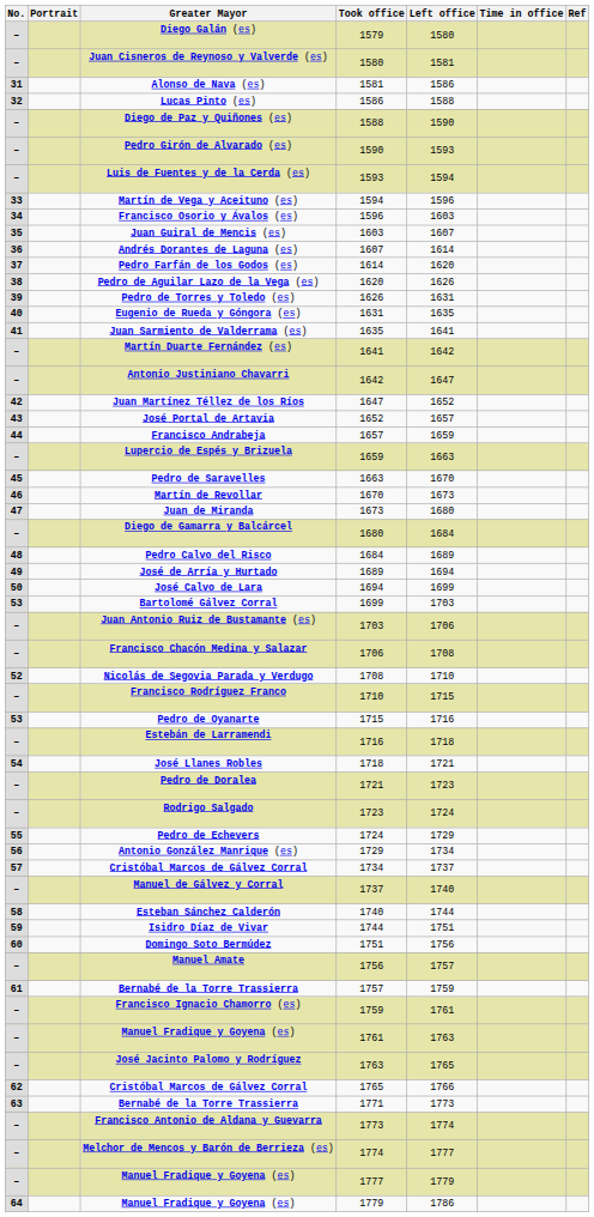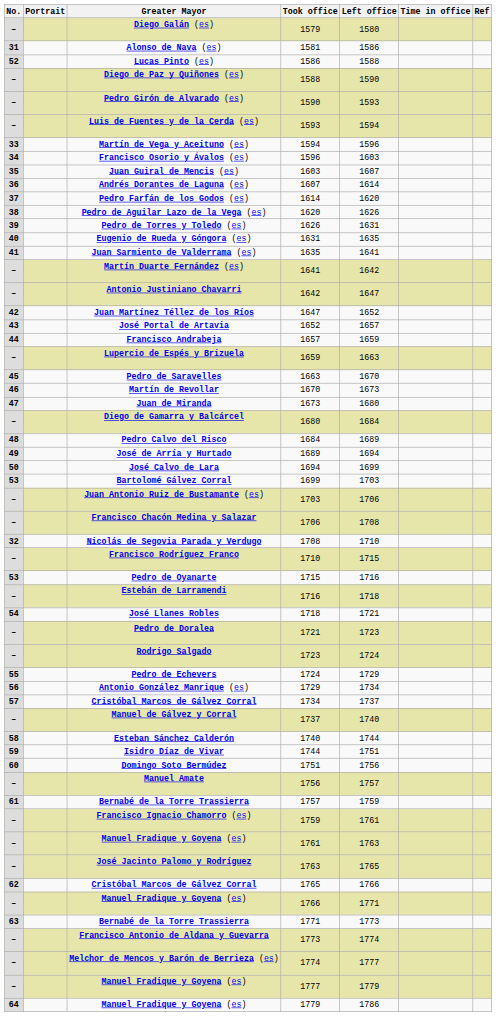 <table class="wikitable" style="text-align:center">
 <tr>
 <th>No.</th>
 <th>Portrait</th>
 <th>Greater Mayor</th>
 <th>Took office</th>
 <th>Left office</th>
 <th>Time in office</th>
 <th>Ref</th>
 </tr>
 <tr style="background:#E6E6AA">
 <th style="background:#DDDDDD; color:black">–</th>
 <td></td>
 <td><strong><a href='#'>Diego Galán</a></strong> (<a href='#'>es</a>)<br><br></td>
 <td>1579</td>
 <td>1580</td>
 <td> </td>
 <td></td>
 </tr>
-<tr style="background:#E6E6AA">
-<th style="background:#DDDDDD; color:black">–</th>
-<td></td>
-<td><strong><a href='#'>Juan Cisneros de Reynoso y Valverde</a></strong> (<a href='#'>es</a>)<br><br></td>
-<td>1580</td>
-<td>1581</td>
-<td> </td>
-<td></td>
-</tr>
 <tr>
 <th style="background:#DDDDDD; color:black">31</th>
 <td></td>
 <td><strong><a href='#'>Alonso de Nava</a></strong> (<a href='#'>es</a>)<br></td>
 <td>1581</td>
 <td>1586</td>
 <td> </td>
 <td></td>
 </tr>
 <tr>
-<th style="background:#DDDDDD; color:black">32</th>
+<th style="background:#DDDDDD; color:black">52</th>
 <td></td>
 <td><strong><a href='#'>Lucas Pinto</a></strong> (<a href='#'>es</a>)<br></td>
 <td>1586</td>
 <td>1588</td>
 <td> </td>
 <td></td>
 </tr>
 <tr style="background:#E6E6AA">
 <th style="background:#DDDDDD; color:black">–</th>
 <td></td>
 <td><strong><a href='#'>Diego de Paz y Quiñones</a></strong> (<a href='#'>es</a>)<br><br></td>
 <td>1588</td>
 <td>1590</td>
 <td> </td>
 <td></td>
 </tr>
 <tr style="background:#E6E6AA">
 <th style="background:#DDDDDD; color:black">–</th>
 <td></td>
 <td><strong><a href='#'>Pedro Girón de Alvarado</a></strong> (<a href='#'>es</a>)<br><br></td>
 <td>1590</td>
 <td>1593</td>
 <td> </td>
 <td></td>
 </tr>
 <tr style="background:#E6E6AA">
 <th style="background:#DDDDDD; color:black">–</th>
 <td></td>
 <td><strong><a href='#'>Luis de Fuentes y de la Cerda</a></strong> (<a href='#'>es</a>)<br><br></td>
 <td>1593</td>
 <td>1594</td>
 <td> </td>
 <td></td>
 </tr>
 <tr>
 <th style="background:#DDDDDD; color:black">33</th>
 <td></td>
 <td><strong><a href='#'>Martín de Vega y Aceituno</a></strong> (<a href='#'>es</a>)<br></td>
 <td>1594</td>
 <td>1596</td>
 <td> </td>
 <td></td>
 </tr>
 <tr>
 <th style="background:#DDDDDD; color:black">34</th>
 <td></td>
 <td><strong><a href='#'>Francisco Osorio y Ávalos</a></strong> (<a href='#'>es</a>)<br></td>
 <td>1596</td>
 <td>1603</td>
 <td> </td>
 <td></td>
 </tr>
 <tr>
 <th style="background:#DDDDDD; color:black">35</th>
 <td></td>
 <td><strong><a href='#'>Juan Guiral de Mencis</a></strong> (<a href='#'>es</a>)<br></td>
 <td>1603</td>
 <td>1607</td>
 <td> </td>
 <td></td>
 </tr>
 <tr>
 <th style="background:#DDDDDD; color:black">36</th>
 <td></td>
 <td><strong><a href='#'>Andrés Dorantes de Laguna</a></strong> (<a href='#'>es</a>)<br></td>
 <td>1607</td>
 <td>1614</td>
 <td> </td>
 <td></td>
 </tr>
 <tr>
 <th style="background:#DDDDDD; color:black">37</th>
 <td></td>
 <td><strong><a href='#'>Pedro Farfán de los Godos</a></strong> (<a href='#'>es</a>)<br></td>
 <td>1614</td>
 <td>1620</td>
 <td> </td>
 <td></td>
 </tr>
 <tr>
 <th style="background:#DDDDDD; color:black">38</th>
 <td></td>
 <td><strong><a href='#'>Pedro de Aguilar Lazo de la Vega</a></strong> (<a href='#'>es</a>)<br></td>
 <td>1620</td>
 <td>1626</td>
 <td> </td>
 <td></td>
 </tr>
 <tr>
 <th style="background:#DDDDDD; color:black">39</th>
 <td></td>
 <td><strong><a href='#'>Pedro de Torres y Toledo</a></strong> (<a href='#'>es</a>)<br></td>
 <td>1626</td>
 <td>1631</td>
 <td> </td>
 <td></td>
 </tr>
 <tr>
 <th style="background:#DDDDDD; color:black">40</th>
 <td></td>
 <td><strong><a href='#'>Eugenio de Rueda y Góngora</a></strong> (<a href='#'>es</a>)<br></td>
 <td>1631</td>
 <td>1635</td>
 <td> </td>
 <td></td>
 </tr>
 <tr>
 <th style="background:#DDDDDD; color:black">41</th>
 <td></td>
 <td><strong><a href='#'>Juan Sarmiento de Valderrama</a></strong> (<a href='#'>es</a>)<br></td>
 <td>1635</td>
 <td>1641</td>
 <td> </td>
 <td></td>
 </tr>
 <tr style="background:#E6E6AA">
 <th style="background:#DDDDDD; color:black">–</th>
 <td></td>
 <td><strong><a href='#'>Martín Duarte Fernández</a></strong> (<a href='#'>es</a>)<br><br></td>
 <td>1641</td>
 <td>1642</td>
 <td> </td>
 <td></td>
 </tr>
 <tr style="background:#E6E6AA">
 <th style="background:#DDDDDD; color:black">–</th>
 <td></td>
 <td><strong><a href='#'>Antonio Justiniano Chavarri</a></strong><br><br></td>
 <td>1642</td>
 <td>1647</td>
 <td> </td>
 <td></td>
 </tr>
 <tr>
 <th style="background:#DDDDDD; color:black">42</th>
 <td></td>
 <td><strong><a href='#'>Juan Martínez Téllez de los Ríos</a></strong><br></td>
 <td>1647</td>
 <td>1652</td>
 <td> </td>
 <td></td>
 </tr>
 <tr>
 <th style="background:#DDDDDD; color:black">43</th>
 <td></td>
 <td><strong><a href='#'>José Portal de Artavia</a></strong><br></td>
 <td>1652</td>
 <td>1657</td>
 <td> </td>
 <td></td>
 </tr>
 <tr>
 <th style="background:#DDDDDD; color:black">44</th>
 <td></td>
 <td><strong><a href='#'>Francisco Andrabeja</a></strong><br></td>
 <td>1657</td>
 <td>1659</td>
 <td> </td>
 <td></td>
 </tr>
 <tr style="background:#E6E6AA">
 <th style="background:#DDDDDD; color:black">–</th>
 <td></td>
 <td><strong><a href='#'>Lupercio de Espés y Brizuela</a></strong><br><br></td>
 <td>1659</td>
 <td>1663</td>
 <td> </td>
 <td></td>
 </tr>
 <tr>
 <th style="background:#DDDDDD; color:black">45</th>
 <td></td>
 <td><strong><a href='#'>Pedro de Saravelles</a></strong><br></td>
 <td>1663</td>
 <td>1670</td>
 <td> </td>
 <td></td>
 </tr>
 <tr>
 <th style="background:#DDDDDD; color:black">46</th>
 <td></td>
 <td><strong><a href='#'>Martín de Revollar</a></strong><br></td>
 <td>1670</td>
 <td>1673</td>
 <td> </td>
 <td></td>
 </tr>
 <tr>
 <th style="background:#DDDDDD; color:black">47</th>
 <td></td>
 <td><strong><a href='#'>Juan de Miranda</a></strong><br></td>
 <td>1673</td>
 <td>1680</td>
 <td> </td>
 <td></td>
 </tr>
 <tr style="background:#E6E6AA">
 <th style="background:#DDDDDD; color:black">–</th>
 <td></td>
 <td><strong><a href='#'>Diego de Gamarra y Balcárcel</a></strong><br><br></td>
 <td>1680</td>
 <td>1684</td>
 <td> </td>
 <td></td>
 </tr>
 <tr>
 <th style="background:#DDDDDD; color:black">48</th>
 <td></td>
 <td><strong><a href='#'>Pedro Calvo del Risco</a></strong><br></td>
 <td>1684</td>
 <td>1689</td>
 <td> </td>
 <td></td>
 </tr>
 <tr>
 <th style="background:#DDDDDD; color:black">49</th>
 <td></td>
 <td><strong><a href='#'>José de Arría y Hurtado</a></strong><br></td>
 <td>1689</td>
 <td>1694</td>
 <td> </td>
 <td></td>
 </tr>
 <tr>
 <th style="background:#DDDDDD; color:black">50</th>
 <td></td>
 <td><strong><a href='#'>José Calvo de Lara</a></strong><br></td>
 <td>1694</td>
 <td>1699</td>
 <td> </td>
 <td></td>
 </tr>
 <tr>
 <th style="background:#DDDDDD; color:black">53</th>
 <td></td>
 <td><strong><a href='#'>Bartolomé Gálvez Corral</a></strong><br></td>
 <td>1699</td>
 <td>1703</td>
 <td> </td>
 <td></td>
 </tr>
 <tr style="background:#E6E6AA">
 <th style="background:#DDDDDD; color:black">–</th>
 <td></td>
 <td><strong><a href='#'>Juan Antonio Ruiz de Bustamante</a></strong> (<a href='#'>es</a>)<br><br></td>
 <td>1703</td>
 <td>1706</td>
 <td> </td>
 <td></td>
 </tr>
 <tr style="background:#E6E6AA">
 <th style="background:#DDDDDD; color:black">–</th>
 <td></td>
 <td><strong><a href='#'>Francisco Chacón Medina y Salazar</a></strong><br><br></td>
 <td>1706</td>
 <td>1708</td>
 <td> </td>
 <td></td>
 </tr>
 <tr>
-<th style="background:#DDDDDD; color:black">52</th>
+<th style="background:#DDDDDD; color:black">32</th>
 <td></td>
 <td><strong><a href='#'>Nicolás de Segovia Parada y Verdugo</a></strong><br></td>
 <td>1708</td>
 <td>1710</td>
 <td> </td>
 <td></td>
 </tr>
 <tr style="background:#E6E6AA">
 <th style="background:#DDDDDD; color:black">–</th>
 <td></td>
 <td><strong><a href='#'>Francisco Rodríguez Franco</a></strong><br><br></td>
 <td>1710</td>
 <td>1715</td>
 <td> </td>
 <td></td>
 </tr>
 <tr>
 <th style="background:#DDDDDD; color:black">53</th>
 <td></td>
 <td><strong><a href='#'>Pedro de Oyanarte</a></strong><br></td>
 <td>1715</td>
 <td>1716</td>
 <td> </td>
 <td></td>
 </tr>
 <tr style="background:#E6E6AA">
 <th style="background:#DDDDDD; color:black">–</th>
 <td></td>
 <td><strong><a href='#'>Estebán de Larramendi</a></strong><br><br></td>
 <td>1716</td>
 <td>1718</td>
 <td> </td>
 <td></td>
 </tr>
 <tr>
 <th style="background:#DDDDDD; color:black">54</th>
 <td></td>
 <td><strong><a href='#'>José Llanes Robles</a></strong><br></td>
 <td>1718</td>
 <td>1721</td>
 <td> </td>
 <td></td>
 </tr>
 <tr style="background:#E6E6AA">
 <th style="background:#DDDDDD; color:black">–</th>
 <td></td>
 <td><strong><a href='#'>Pedro de Doralea</a></strong><br><br></td>
 <td>1721</td>
 <td>1723</td>
 <td> </td>
 <td></td>
 </tr>
 <tr style="background:#E6E6AA">
 <th style="background:#DDDDDD; color:black">–</th>
 <td></td>
 <td><strong><a href='#'>Rodrigo Salgado</a></strong><br><br></td>
 <td>1723</td>
 <td>1724</td>
 <td> </td>
 <td></td>
 </tr>
 <tr>
 <th style="background:#DDDDDD; color:black">55</th>
 <td></td>
 <td><strong><a href='#'>Pedro de Echevers</a></strong><br></td>
 <td>1724</td>
 <td>1729</td>
 <td> </td>
 <td></td>
 </tr>
 <tr>
 <th style="background:#DDDDDD; color:black">56</th>
 <td></td>
 <td><strong><a href='#'>Antonio González Manrique</a></strong> (<a href='#'>es</a>)<br></td>
 <td>1729</td>
 <td>1734</td>
 <td> </td>
 <td></td>
 </tr>
 <tr>
 <th style="background:#DDDDDD; color:black">57</th>
 <td></td>
 <td><strong><a href='#'>Cristóbal Marcos de Gálvez Corral</a></strong><br></td>
 <td>1734</td>
 <td>1737</td>
 <td> </td>
 <td></td>
 </tr>
 <tr style="background:#E6E6AA">
 <th style="background:#DDDDDD; color:black">–</th>
 <td></td>
 <td><strong><a href='#'>Manuel de Gálvez y Corral</a></strong><br><br></td>
 <td>1737</td>
 <td>1740</td>
 <td> </td>
 <td></td>
 </tr>
 <tr>
 <th style="background:#DDDDDD; color:black">58</th>
 <td></td>
 <td><strong><a href='#'>Esteban Sánchez Calderón</a></strong><br></td>
 <td>1740</td>
 <td>1744</td>
 <td> </td>
 <td></td>
 </tr>
 <tr>
 <th style="background:#DDDDDD; color:black">59</th>
 <td></td>
 <td><strong><a href='#'>Isidro Díaz de Vivar</a></strong><br></td>
 <td>1744</td>
 <td>1751</td>
 <td> </td>
 <td></td>
 </tr>
 <tr>
 <th style="background:#DDDDDD; color:black">60</th>
 <td></td>
 <td><strong><a href='#'>Domingo Soto Bermúdez</a></strong><br></td>
 <td>1751</td>
 <td>1756</td>
 <td> </td>
 <td></td>
 </tr>
 <tr style="background:#E6E6AA">
 <th style="background:#DDDDDD; color:black">–</th>
 <td></td>
 <td><strong><a href='#'>Manuel Amate</a></strong><br><br></td>
 <td>1756</td>
 <td>1757</td>
 <td> </td>
 <td></td>
 </tr>
 <tr>
 <th style="background:#DDDDDD; color:black">61</th>
 <td></td>
 <td><strong><a href='#'>Bernabé de la Torre Trassierra</a></strong><br></td>
 <td>1757</td>
 <td>1759</td>
 <td> </td>
 <td></td>
 </tr>
 <tr style="background:#E6E6AA">
 <th style="background:#DDDDDD; color:black">–</th>
 <td></td>
 <td><strong><a href='#'>Francisco Ignacio Chamorro</a></strong> (<a href='#'>es</a>)<br><br></td>
 <td>1759</td>
 <td>1761</td>
 <td> </td>
 <td></td>
 </tr>
 <tr style="background:#E6E6AA">
 <th style="background:#DDDDDD; color:black">–</th>
 <td></td>
 <td><strong><a href='#'>Manuel Fradique y Goyena</a></strong> (<a href='#'>es</a>)<br><br></td>
 <td>1761</td>
 <td>1763</td>
 <td> </td>
 <td></td>
 </tr>
 <tr style="background:#E6E6AA">
 <th style="background:#DDDDDD; color:black">–</th>
 <td></td>
 <td><strong><a href='#'>José Jacinto Palomo y Rodríguez</a></strong><br><br></td>
 <td>1763</td>
 <td>1765</td>
 <td> </td>
 <td></td>
 </tr>
 <tr>
 <th style="background:#DDDDDD; color:black">62</th>
 <td></td>
 <td><strong><a href='#'>Cristóbal Marcos de Gálvez Corral</a></strong><br></td>
 <td>1765</td>
 <td>1766</td>
 <td> </td>
 <td></td>
 </tr>
+<tr style="background:#E6E6AA">
+<th style="background:#DDDDDD; color:black">–</th>
+<td></td>
+<td><strong><a href='#'>Manuel Fradique y Goyena</a></strong> (<a href='#'>es</a>)<br><br></td>
+<td>1766</td>
+<td>1771</td>
+<td> </td>
+<td></td>
+</tr>
 <tr>
 <th style="background:#DDDDDD; color:black">63</th>
 <td></td>
 <td><strong><a href='#'>Bernabé de la Torre Trassierra</a></strong><br></td>
 <td>1771</td>
 <td>1773</td>
 <td> </td>
 <td></td>
 </tr>
 <tr style="background:#E6E6AA">
 <th style="background:#DDDDDD; color:black">–</th>
 <td></td>
 <td><strong><a href='#'>Francisco Antonio de Aldana y Guevarra</a></strong><br><br></td>
 <td>1773</td>
 <td>1774</td>
 <td> </td>
 <td></td>
 </tr>
 <tr style="background:#E6E6AA">
 <th style="background:#DDDDDD; color:black">–</th>
 <td></td>
 <td><strong><a href='#'>Melchor de Mencos y Barón de Berrieza</a></strong> (<a href='#'>es</a>)<br><br></td>
 <td>1774</td>
 <td>1777</td>
 <td> </td>
 <td></td>
 </tr>
 <tr style="background:#E6E6AA">
 <th style="background:#DDDDDD; color:black">–</th>
 <td></td>
 <td><strong><a href='#'>Manuel Fradique y Goyena</a></strong> (<a href='#'>es</a>)<br><br></td>
 <td>1777</td>
 <td>1779</td>
 <td> </td>
 <td></td>
 </tr>
 <tr>
 <th style="background:#DDDDDD; color:black">64</th>
 <td></td>
 <td><strong><a href='#'>Manuel Fradique y Goyena</a></strong> (<a href='#'>es</a>)<br></td>
 <td>1779</td>
 <td>1786</td>
 <td> </td>
 <td></td>
 </tr>
 </table>
